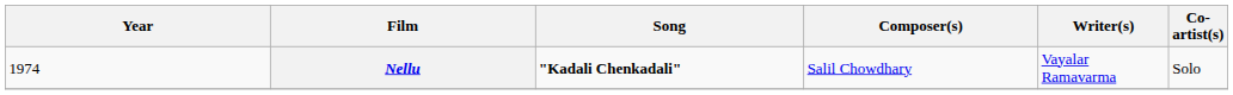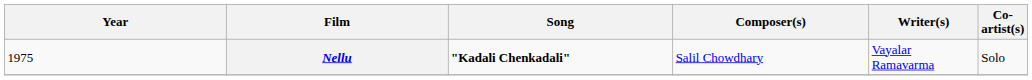 <table class="wikitable plainrowheaders" style="width:100%; textcolor:#000">
 <tr style="background:#b0e0e66;">
 <th scope="col" style="width:23%;"><strong>Year</strong></th>
 <th scope="col" style="width:23%;"><strong>Film</strong></th>
 <th scope="col" style="width:23%;"><strong>Song</strong></th>
 <th scope="col" style="width:20%;"><strong>Composer(s)</strong></th>
 <th scope="col" style="width:16%;"><strong>Writer(s)</strong></th>
 <th scope="col" style="width:18%;"><strong>Co-artist(s)</strong></th>
 </tr>
 <tr>
-<td>1974</td>
+<td>1975</td>
 <th><em><a href='#'>Nellu</a></em></th>
 <td><strong>"Kadali Chenkadali"</strong></td>
 <td><a href='#'>Salil Chowdhary</a></td>
 <td><a href='#'>Vayalar Ramavarma</a></td>
 <td>Solo</td>
 </tr>
 <tr>
 </tr>
 </table>
